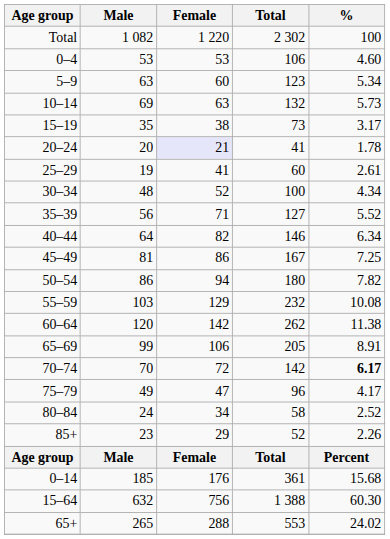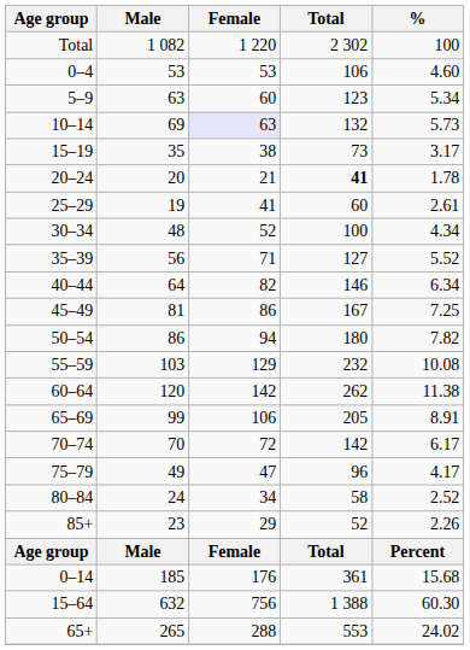 <table class="wikitable">
 <tr>
 <th width="80pt">Age group</th>
 <th width="80pt">Male</th>
 <th width="80pt">Female</th>
 <th width="80pt">Total</th>
 <th width="80pt">%</th>
 </tr>
 <tr>
 <td align="right">Total</td>
 <td align="right">1 082</td>
 <td align="right">1 220</td>
 <td align="right">2 302</td>
 <td align="right">100</td>
 </tr>
 <tr>
 <td align="right">0–4</td>
 <td align="right">53</td>
 <td align="right">53</td>
 <td align="right">106</td>
 <td align="right">4.60</td>
 </tr>
 <tr>
 <td align="right">5–9</td>
 <td align="right">63</td>
 <td align="right">60</td>
 <td align="right">123</td>
 <td align="right">5.34</td>
 </tr>
 <tr>
 <td align="right">10–14</td>
 <td align="right">69</td>
-<td align="right">63</td>
+<td align="right" style="background: lavender;">63</td>
 <td align="right">132</td>
 <td align="right">5.73</td>
 </tr>
 <tr>
 <td align="right">15–19</td>
 <td align="right">35</td>
 <td align="right">38</td>
 <td align="right">73</td>
 <td align="right">3.17</td>
 </tr>
 <tr>
 <td align="right">20–24</td>
 <td align="right">20</td>
-<td align="right" style="background: lavender;">21</td>
-<td align="right">41</td>
+<td align="right">21</td>
+<td align="right"><strong>41</strong></td>
 <td align="right">1.78</td>
 </tr>
 <tr>
 <td align="right">25–29</td>
 <td align="right">19</td>
 <td align="right">41</td>
 <td align="right">60</td>
 <td align="right">2.61</td>
 </tr>
 <tr>
 <td align="right">30–34</td>
 <td align="right">48</td>
 <td align="right">52</td>
 <td align="right">100</td>
 <td align="right">4.34</td>
 </tr>
 <tr>
 <td align="right">35–39</td>
 <td align="right">56</td>
 <td align="right">71</td>
 <td align="right">127</td>
 <td align="right">5.52</td>
 </tr>
 <tr>
 <td align="right">40–44</td>
 <td align="right">64</td>
 <td align="right">82</td>
 <td align="right">146</td>
 <td align="right">6.34</td>
 </tr>
 <tr>
 <td align="right">45–49</td>
 <td align="right">81</td>
 <td align="right">86</td>
 <td align="right">167</td>
 <td align="right">7.25</td>
 </tr>
 <tr>
 <td align="right">50–54</td>
 <td align="right">86</td>
 <td align="right">94</td>
 <td align="right">180</td>
 <td align="right">7.82</td>
 </tr>
 <tr>
 <td align="right">55–59</td>
 <td align="right">103</td>
 <td align="right">129</td>
 <td align="right">232</td>
 <td align="right">10.08</td>
 </tr>
 <tr>
 <td align="right">60–64</td>
 <td align="right">120</td>
 <td align="right">142</td>
 <td align="right">262</td>
 <td align="right">11.38</td>
 </tr>
 <tr>
 <td align="right">65–69</td>
 <td align="right">99</td>
 <td align="right">106</td>
 <td align="right">205</td>
 <td align="right">8.91</td>
 </tr>
 <tr>
 <td align="right">70–74</td>
 <td align="right">70</td>
 <td align="right">72</td>
 <td align="right">142</td>
-<td align="right"><strong>6.17</strong></td>
+<td align="right">6.17</td>
 </tr>
 <tr>
 <td align="right">75–79</td>
 <td align="right">49</td>
 <td align="right">47</td>
 <td align="right">96</td>
 <td align="right">4.17</td>
 </tr>
 <tr>
 <td align="right">80–84</td>
 <td align="right">24</td>
 <td align="right">34</td>
 <td align="right">58</td>
 <td align="right">2.52</td>
 </tr>
 <tr>
 <td align="right">85+</td>
 <td align="right">23</td>
 <td align="right">29</td>
 <td align="right">52</td>
 <td align="right">2.26</td>
 </tr>
 <tr>
 <th width="50">Age group</th>
 <th width="80pt">Male</th>
 <th width="80">Female</th>
 <th width="80">Total</th>
 <th width="50">Percent</th>
 </tr>
 <tr>
 <td align="right">0–14</td>
 <td align="right">185</td>
 <td align="right">176</td>
 <td align="right">361</td>
 <td align="right">15.68</td>
 </tr>
 <tr>
 <td align="right">15–64</td>
 <td align="right">632</td>
 <td align="right">756</td>
 <td align="right">1 388</td>
 <td align="right">60.30</td>
 </tr>
 <tr>
 <td align="right">65+</td>
 <td align="right">265</td>
 <td align="right">288</td>
 <td align="right">553</td>
 <td align="right">24.02</td>
 </tr>
 <tr>
 </tr>
 </table>
